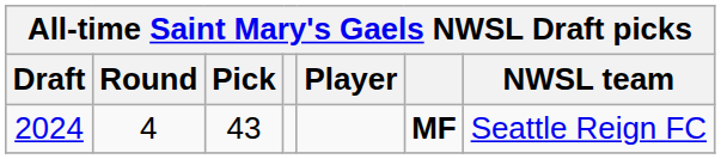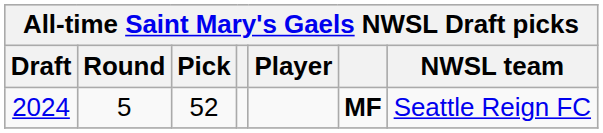 <table class="wikitable sortable" style="text-align: center;">
 <tr>
 <th colspan="7" style="background:#">All-time <a href='#'><span>Saint Mary's Gaels</span></a> NWSL Draft picks</th>
 </tr>
 <tr>
 <th scope="col">Draft</th>
 <th scope="col">Round</th>
 <th scope="col">Pick</th>
 <th scope="col"></th>
 <th scope="col">Player</th>
 <th scope="col"></th>
 <th scope="col">NWSL team</th>
 </tr>
 <tr>
 <td><a href='#'>2024</a></td>
-<td>4</td>
-<td>43</td>
+<td>5</td>
+<td>52</td>
 <td></td>
 <td></td>
 <td><strong>MF</strong></td>
 <td><a href='#'>Seattle Reign FC</a></td>
 </tr>
 </table>
